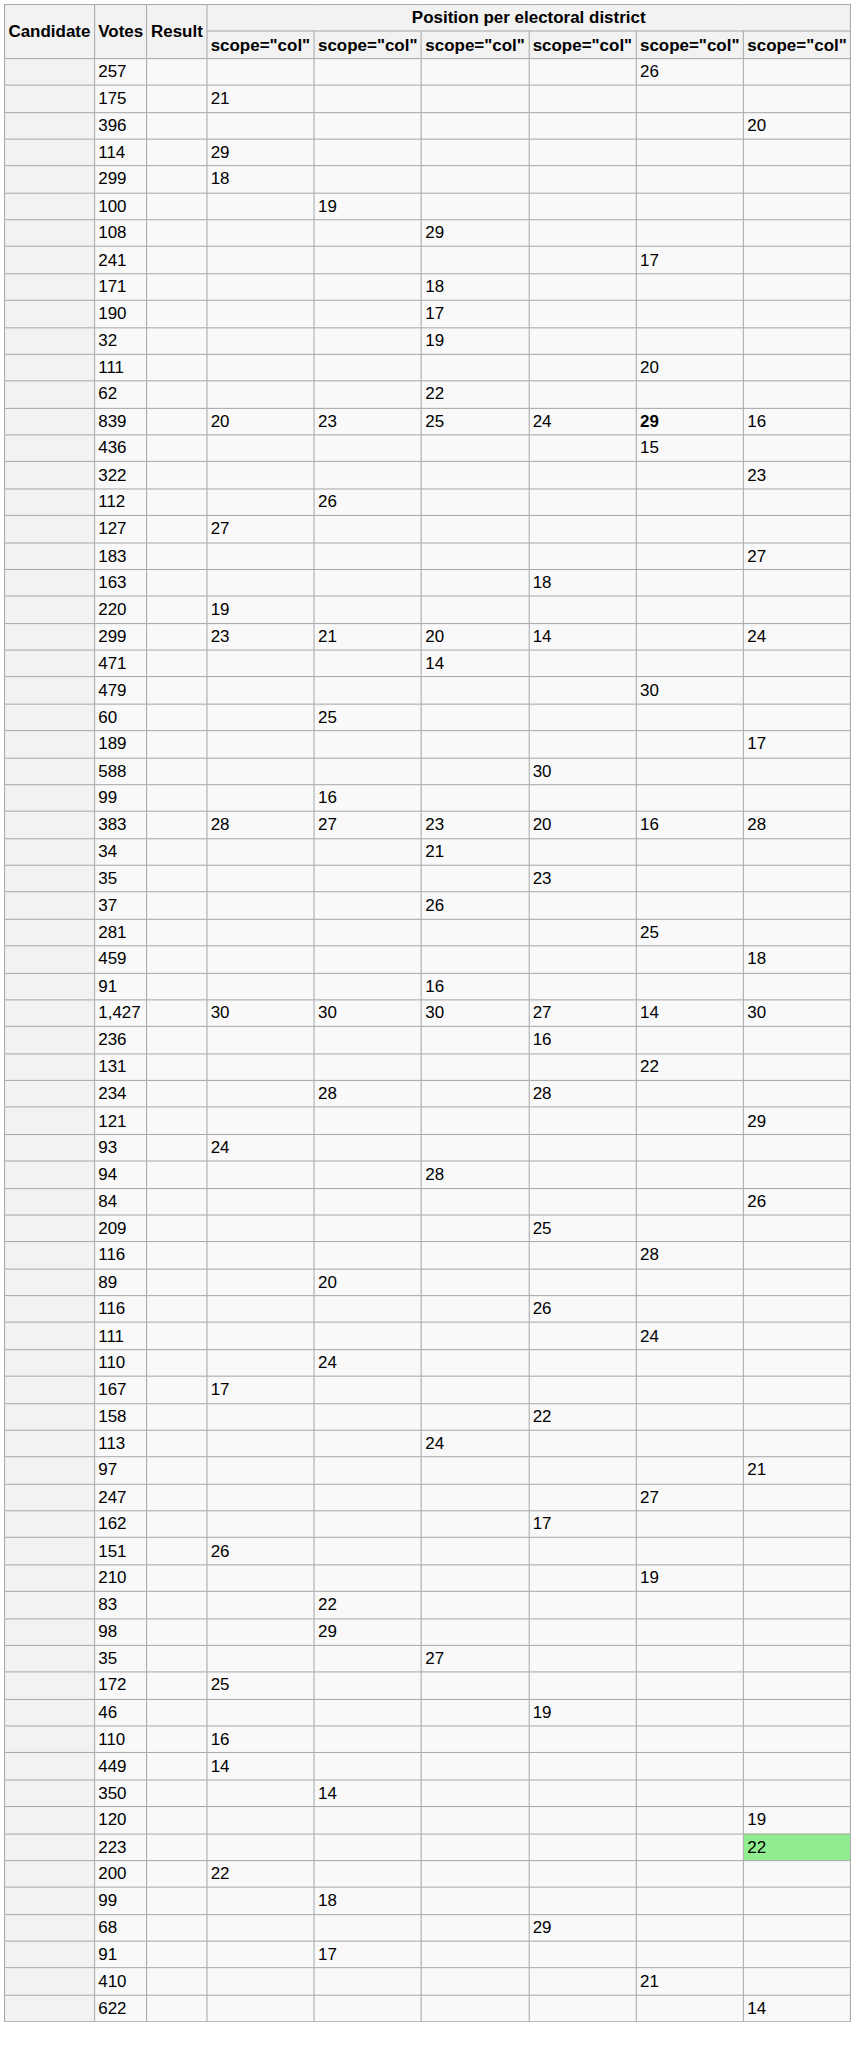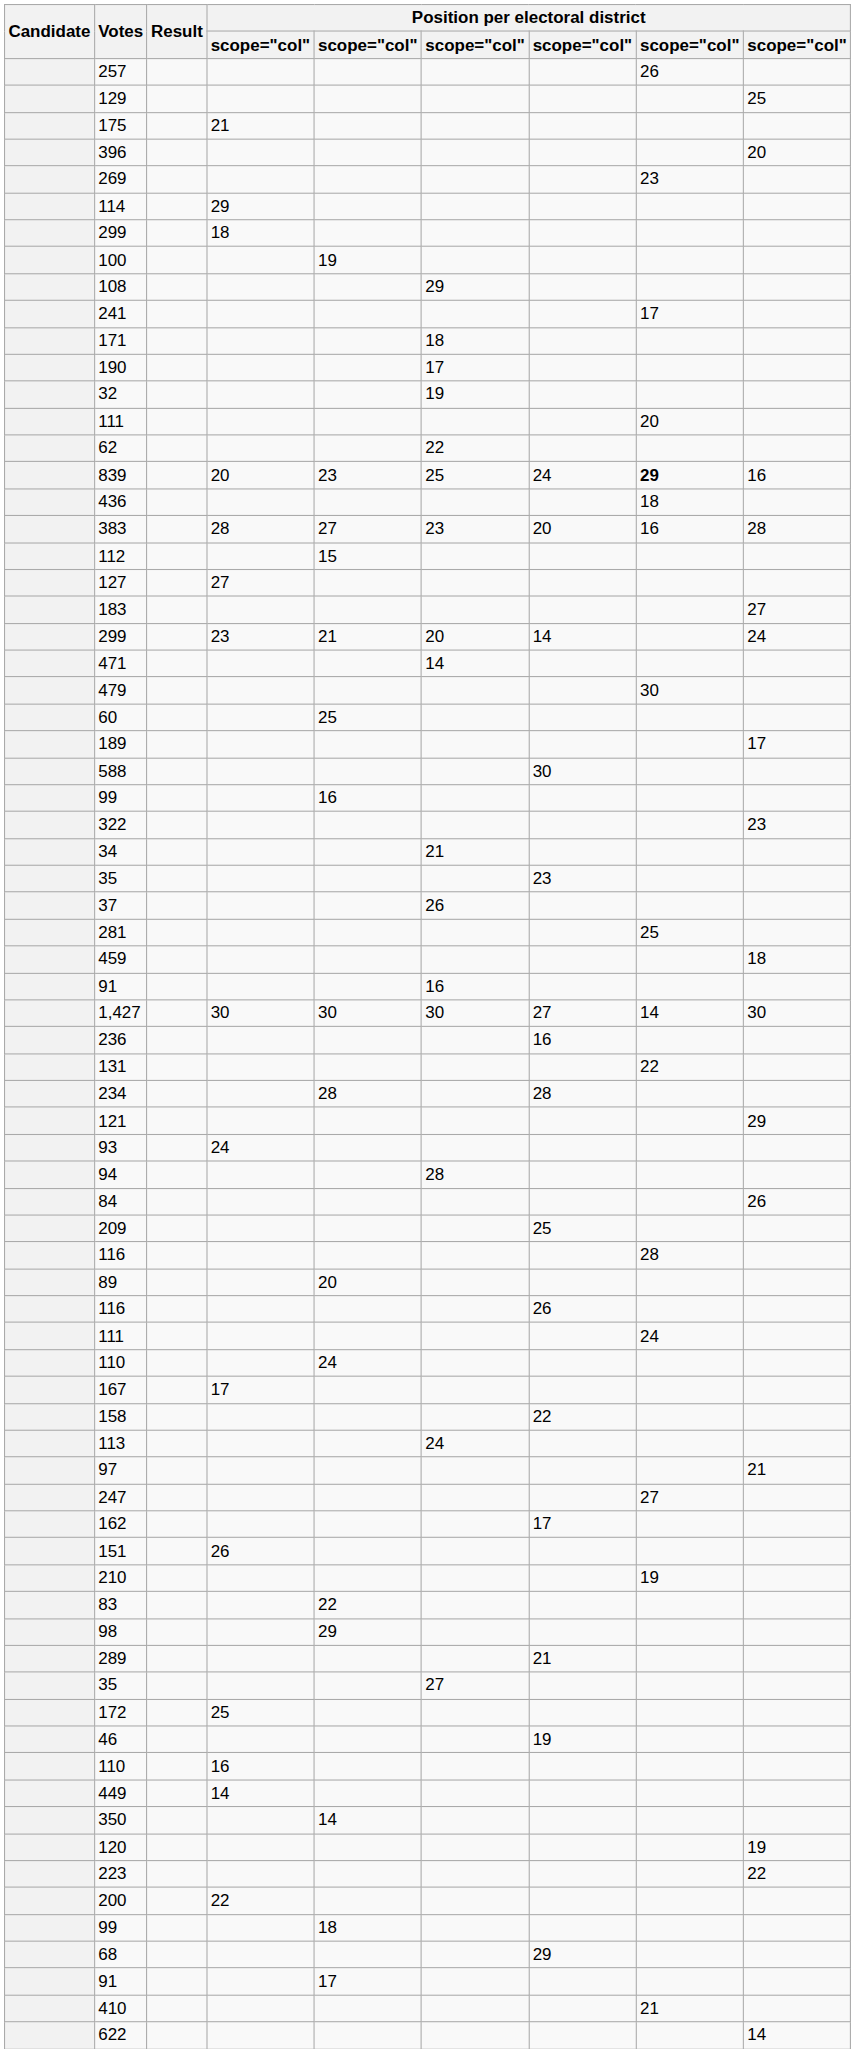 <table class="wikitable sortable defaultright col3left">
 <tr>
 <th scope="col" rowspan="2">Candidate</th>
 <th scope="col" rowspan="2">Votes</th>
 <th scope="col" rowspan="2">Result</th>
 <th scope="col" colspan="6">Position per electoral district</th>
 </tr>
 <tr>
 <th>scope="col" </th>
 <th>scope="col" </th>
 <th>scope="col" </th>
 <th>scope="col" </th>
 <th>scope="col" </th>
 <th>scope="col" </th>
 </tr>
 <tr>
 <th scope="row"></th>
 <td>257</td>
 <td></td>
 <td></td>
 <td></td>
 <td></td>
 <td></td>
 <td>26</td>
 <td></td>
 </tr>
 <tr>
 <th scope="row"></th>
+<td>129</td>
+<td></td>
+<td></td>
+<td></td>
+<td></td>
+<td></td>
+<td></td>
+<td>25</td>
+</tr>
+<tr>
+<th scope="row"></th>
 <td>175</td>
 <td></td>
 <td>21</td>
 <td></td>
 <td></td>
 <td></td>
 <td></td>
 <td></td>
 </tr>
 <tr>
 <th scope="row"></th>
 <td>396</td>
 <td></td>
 <td></td>
 <td></td>
 <td></td>
 <td></td>
 <td></td>
 <td>20</td>
+</tr>
+<tr>
+<th scope="row"></th>
+<td>269</td>
+<td></td>
+<td></td>
+<td></td>
+<td></td>
+<td></td>
+<td>23</td>
+<td></td>
 </tr>
 <tr>
 <th scope="row"></th>
 <td>114</td>
 <td></td>
 <td>29</td>
 <td></td>
 <td></td>
 <td></td>
 <td></td>
 <td></td>
 </tr>
 <tr>
 <th scope="row"></th>
 <td>299</td>
 <td></td>
 <td>18</td>
 <td></td>
 <td></td>
 <td></td>
 <td></td>
 <td></td>
 </tr>
 <tr>
 <th scope="row"></th>
 <td>100</td>
 <td></td>
 <td></td>
 <td>19</td>
 <td></td>
 <td></td>
 <td></td>
 <td></td>
 </tr>
 <tr>
 <th scope="row"></th>
 <td>108</td>
 <td></td>
 <td></td>
 <td></td>
 <td>29</td>
 <td></td>
 <td></td>
 <td></td>
 </tr>
 <tr>
 <th scope="row"></th>
 <td>241</td>
 <td></td>
 <td></td>
 <td></td>
 <td></td>
 <td></td>
 <td>17</td>
 <td></td>
 </tr>
 <tr>
 <th scope="row"></th>
 <td>171</td>
 <td></td>
 <td></td>
 <td></td>
 <td>18</td>
 <td></td>
 <td></td>
 <td></td>
 </tr>
 <tr>
 <th scope="row"></th>
 <td>190</td>
 <td></td>
 <td></td>
 <td></td>
 <td>17</td>
 <td></td>
 <td></td>
 <td></td>
 </tr>
 <tr>
 <th scope="row"></th>
 <td>32</td>
 <td></td>
 <td></td>
 <td></td>
 <td>19</td>
 <td></td>
 <td></td>
 <td></td>
 </tr>
 <tr>
 <th scope="row"></th>
 <td>111</td>
 <td></td>
 <td></td>
 <td></td>
 <td></td>
 <td></td>
 <td>20</td>
 <td></td>
 </tr>
 <tr>
 <th scope="row"></th>
 <td>62</td>
 <td></td>
 <td></td>
 <td></td>
 <td>22</td>
 <td></td>
 <td></td>
 <td></td>
 </tr>
 <tr>
 <th scope="row"></th>
 <td>839</td>
 <td></td>
 <td>20</td>
 <td>23</td>
 <td>25</td>
 <td>24</td>
 <td><strong>29</strong></td>
 <td>16</td>
 </tr>
 <tr>
 <th scope="row"></th>
 <td>436</td>
 <td></td>
 <td></td>
 <td></td>
 <td></td>
 <td></td>
-<td>15</td>
+<td>18</td>
 <td></td>
 </tr>
 <tr>
 <th scope="row"></th>
-<td>322</td>
+<td>383</td>
 <td></td>
-<td></td>
-<td></td>
-<td></td>
-<td></td>
-<td></td>
+<td>28</td>
+<td>27</td>
 <td>23</td>
+<td>20</td>
+<td>16</td>
+<td>28</td>
 </tr>
 <tr>
 <th scope="row"></th>
 <td>112</td>
 <td></td>
 <td></td>
-<td>26</td>
+<td>15</td>
 <td></td>
 <td></td>
 <td></td>
 <td></td>
 </tr>
 <tr>
 <th scope="row"></th>
 <td>127</td>
 <td></td>
 <td>27</td>
 <td></td>
 <td></td>
 <td></td>
 <td></td>
 <td></td>
 </tr>
 <tr>
 <th scope="row"></th>
 <td>183</td>
 <td></td>
 <td></td>
 <td></td>
 <td></td>
 <td></td>
 <td></td>
 <td>27</td>
-</tr>
-<tr>
-<th scope="row"></th>
-<td>163</td>
-<td></td>
-<td></td>
-<td></td>
-<td></td>
-<td>18</td>
-<td></td>
-<td></td>
-</tr>
-<tr>
-<th scope="row"></th>
-<td>220</td>
-<td></td>
-<td>19</td>
-<td></td>
-<td></td>
-<td></td>
-<td></td>
-<td></td>
 </tr>
 <tr>
 <th scope="row"></th>
 <td>299</td>
 <td></td>
 <td>23</td>
 <td>21</td>
 <td>20</td>
 <td>14</td>
 <td></td>
 <td>24</td>
 </tr>
 <tr>
 <th scope="row"></th>
 <td>471</td>
 <td></td>
 <td></td>
 <td></td>
 <td>14</td>
 <td></td>
 <td></td>
 <td></td>
 </tr>
 <tr>
 <th scope="row"></th>
 <td>479</td>
 <td></td>
 <td></td>
 <td></td>
 <td></td>
 <td></td>
 <td>30</td>
 <td></td>
 </tr>
 <tr>
 <th scope="row"></th>
 <td>60</td>
 <td></td>
 <td></td>
 <td>25</td>
 <td></td>
 <td></td>
 <td></td>
 <td></td>
 </tr>
 <tr>
 <th scope="row"></th>
 <td>189</td>
 <td></td>
 <td></td>
 <td></td>
 <td></td>
 <td></td>
 <td></td>
 <td>17</td>
 </tr>
 <tr>
 <th scope="row"></th>
 <td>588</td>
 <td></td>
 <td></td>
 <td></td>
 <td></td>
 <td>30</td>
 <td></td>
 <td></td>
 </tr>
 <tr>
 <th scope="row"></th>
 <td>99</td>
 <td></td>
 <td></td>
 <td>16</td>
 <td></td>
 <td></td>
 <td></td>
 <td></td>
 </tr>
 <tr>
 <th scope="row"></th>
-<td>383</td>
+<td>322</td>
 <td></td>
-<td>28</td>
-<td>27</td>
+<td></td>
+<td></td>
+<td></td>
+<td></td>
+<td></td>
 <td>23</td>
-<td>20</td>
-<td>16</td>
-<td>28</td>
 </tr>
 <tr>
 <th scope="row"></th>
 <td>34</td>
 <td></td>
 <td></td>
 <td></td>
 <td>21</td>
 <td></td>
 <td></td>
 <td></td>
 </tr>
 <tr>
 <th scope="row"></th>
 <td>35</td>
 <td></td>
 <td></td>
 <td></td>
 <td></td>
 <td>23</td>
 <td></td>
 <td></td>
 </tr>
 <tr>
 <th scope="row"></th>
 <td>37</td>
 <td></td>
 <td></td>
 <td></td>
 <td>26</td>
 <td></td>
 <td></td>
 <td></td>
 </tr>
 <tr>
 <th scope="row"></th>
 <td>281</td>
 <td></td>
 <td></td>
 <td></td>
 <td></td>
 <td></td>
 <td>25</td>
 <td></td>
 </tr>
 <tr>
 <th scope="row"></th>
 <td>459</td>
 <td></td>
 <td></td>
 <td></td>
 <td></td>
 <td></td>
 <td></td>
 <td>18</td>
 </tr>
 <tr>
 <th scope="row"></th>
 <td>91</td>
 <td></td>
 <td></td>
 <td></td>
 <td>16</td>
 <td></td>
 <td></td>
 <td></td>
 </tr>
 <tr>
 <th scope="row"></th>
 <td>1,427</td>
 <td></td>
 <td>30</td>
 <td>30</td>
 <td>30</td>
 <td>27</td>
 <td>14</td>
 <td>30</td>
 </tr>
 <tr>
 <th scope="row"></th>
 <td>236</td>
 <td></td>
 <td></td>
 <td></td>
 <td></td>
 <td>16</td>
 <td></td>
 <td></td>
 </tr>
 <tr>
 <th scope="row"></th>
 <td>131</td>
 <td></td>
 <td></td>
 <td></td>
 <td></td>
 <td></td>
 <td>22</td>
 <td></td>
 </tr>
 <tr>
 <th scope="row"></th>
 <td>234</td>
 <td></td>
 <td></td>
 <td>28</td>
 <td></td>
 <td>28</td>
 <td></td>
 <td></td>
 </tr>
 <tr>
 <th scope="row"></th>
 <td>121</td>
 <td></td>
 <td></td>
 <td></td>
 <td></td>
 <td></td>
 <td></td>
 <td>29</td>
 </tr>
 <tr>
 <th scope="row"></th>
 <td>93</td>
 <td></td>
 <td>24</td>
 <td></td>
 <td></td>
 <td></td>
 <td></td>
 <td></td>
 </tr>
 <tr>
 <th scope="row"></th>
 <td>94</td>
 <td></td>
 <td></td>
 <td></td>
 <td>28</td>
 <td></td>
 <td></td>
 <td></td>
 </tr>
 <tr>
 <th scope="row"></th>
 <td>84</td>
 <td></td>
 <td></td>
 <td></td>
 <td></td>
 <td></td>
 <td></td>
 <td>26</td>
 </tr>
 <tr>
 <th scope="row"></th>
 <td>209</td>
 <td></td>
 <td></td>
 <td></td>
 <td></td>
 <td>25</td>
 <td></td>
 <td></td>
 </tr>
 <tr>
 <th scope="row"></th>
 <td>116</td>
 <td></td>
 <td></td>
 <td></td>
 <td></td>
 <td></td>
 <td>28</td>
 <td></td>
 </tr>
 <tr>
 <th scope="row"></th>
 <td>89</td>
 <td></td>
 <td></td>
 <td>20</td>
 <td></td>
 <td></td>
 <td></td>
 <td></td>
 </tr>
 <tr>
 <th scope="row"></th>
 <td>116</td>
 <td></td>
 <td></td>
 <td></td>
 <td></td>
 <td>26</td>
 <td></td>
 <td></td>
 </tr>
 <tr>
 <th scope="row"></th>
 <td>111</td>
 <td></td>
 <td></td>
 <td></td>
 <td></td>
 <td></td>
 <td>24</td>
 <td></td>
 </tr>
 <tr>
 <th scope="row"></th>
 <td>110</td>
 <td></td>
 <td></td>
 <td>24</td>
 <td></td>
 <td></td>
 <td></td>
 <td></td>
 </tr>
 <tr>
 <th scope="row"></th>
 <td>167</td>
 <td></td>
 <td>17</td>
 <td></td>
 <td></td>
 <td></td>
 <td></td>
 <td></td>
 </tr>
 <tr>
 <th scope="row"></th>
 <td>158</td>
 <td></td>
 <td></td>
 <td></td>
 <td></td>
 <td>22</td>
 <td></td>
 <td></td>
 </tr>
 <tr>
 <th scope="row"></th>
 <td>113</td>
 <td></td>
 <td></td>
 <td></td>
 <td>24</td>
 <td></td>
 <td></td>
 <td></td>
 </tr>
 <tr>
 <th scope="row"></th>
 <td>97</td>
 <td></td>
 <td></td>
 <td></td>
 <td></td>
 <td></td>
 <td></td>
 <td>21</td>
 </tr>
 <tr>
 <th scope="row"></th>
 <td>247</td>
 <td></td>
 <td></td>
 <td></td>
 <td></td>
 <td></td>
 <td>27</td>
 <td></td>
 </tr>
 <tr>
 <th scope="row"></th>
 <td>162</td>
 <td></td>
 <td></td>
 <td></td>
 <td></td>
 <td>17</td>
 <td></td>
 <td></td>
 </tr>
 <tr>
 <th scope="row"></th>
 <td>151</td>
 <td></td>
 <td>26</td>
 <td></td>
 <td></td>
 <td></td>
 <td></td>
 <td></td>
 </tr>
 <tr>
 <th scope="row"></th>
 <td>210</td>
 <td></td>
 <td></td>
 <td></td>
 <td></td>
 <td></td>
 <td>19</td>
 <td></td>
 </tr>
 <tr>
 <th scope="row"></th>
 <td>83</td>
 <td></td>
 <td></td>
 <td>22</td>
 <td></td>
 <td></td>
 <td></td>
 <td></td>
 </tr>
 <tr>
 <th scope="row"></th>
 <td>98</td>
 <td></td>
 <td></td>
 <td>29</td>
 <td></td>
 <td></td>
 <td></td>
 <td></td>
 </tr>
 <tr>
 <th scope="row"></th>
+<td>289</td>
+<td></td>
+<td></td>
+<td></td>
+<td></td>
+<td>21</td>
+<td></td>
+<td></td>
+</tr>
+<tr>
+<th scope="row"></th>
 <td>35</td>
 <td></td>
 <td></td>
 <td></td>
 <td>27</td>
 <td></td>
 <td></td>
 <td></td>
 </tr>
 <tr>
 <th scope="row"></th>
 <td>172</td>
 <td></td>
 <td>25</td>
 <td></td>
 <td></td>
 <td></td>
 <td></td>
 <td></td>
 </tr>
 <tr>
 <th scope="row"></th>
 <td>46</td>
 <td></td>
 <td></td>
 <td></td>
 <td></td>
 <td>19</td>
 <td></td>
 <td></td>
 </tr>
 <tr>
 <th scope="row"></th>
 <td>110</td>
 <td></td>
 <td>16</td>
 <td></td>
 <td></td>
 <td></td>
 <td></td>
 <td></td>
 </tr>
 <tr>
 <th scope="row"></th>
 <td>449</td>
 <td></td>
 <td>14</td>
 <td></td>
 <td></td>
 <td></td>
 <td></td>
 <td></td>
 </tr>
 <tr>
 <th scope="row"></th>
 <td>350</td>
 <td></td>
 <td></td>
 <td>14</td>
 <td></td>
 <td></td>
 <td></td>
 <td></td>
 </tr>
 <tr>
 <th scope="row"></th>
 <td>120</td>
 <td></td>
 <td></td>
 <td></td>
 <td></td>
 <td></td>
 <td></td>
 <td>19</td>
 </tr>
 <tr>
 <th scope="row"></th>
 <td>223</td>
 <td></td>
 <td></td>
 <td></td>
 <td></td>
 <td></td>
 <td></td>
-<td style="background: lightgreen;">22</td>
+<td>22</td>
 </tr>
 <tr>
 <th scope="row"></th>
 <td>200</td>
 <td></td>
 <td>22</td>
 <td></td>
 <td></td>
 <td></td>
 <td></td>
 <td></td>
 </tr>
 <tr>
 <th scope="row"></th>
 <td>99</td>
 <td></td>
 <td></td>
 <td>18</td>
 <td></td>
 <td></td>
 <td></td>
 <td></td>
 </tr>
 <tr>
 <th scope="row"></th>
 <td>68</td>
 <td></td>
 <td></td>
 <td></td>
 <td></td>
 <td>29</td>
 <td></td>
 <td></td>
 </tr>
 <tr>
 <th scope="row"></th>
 <td>91</td>
 <td></td>
 <td></td>
 <td>17</td>
 <td></td>
 <td></td>
 <td></td>
 <td></td>
 </tr>
 <tr>
 <th scope="row"></th>
 <td>410</td>
 <td></td>
 <td></td>
 <td></td>
 <td></td>
 <td></td>
 <td>21</td>
 <td></td>
 </tr>
 <tr>
 <th scope="row"></th>
 <td>622</td>
 <td></td>
 <td></td>
 <td></td>
 <td></td>
 <td></td>
 <td></td>
 <td>14</td>
 </tr>
 </table>
